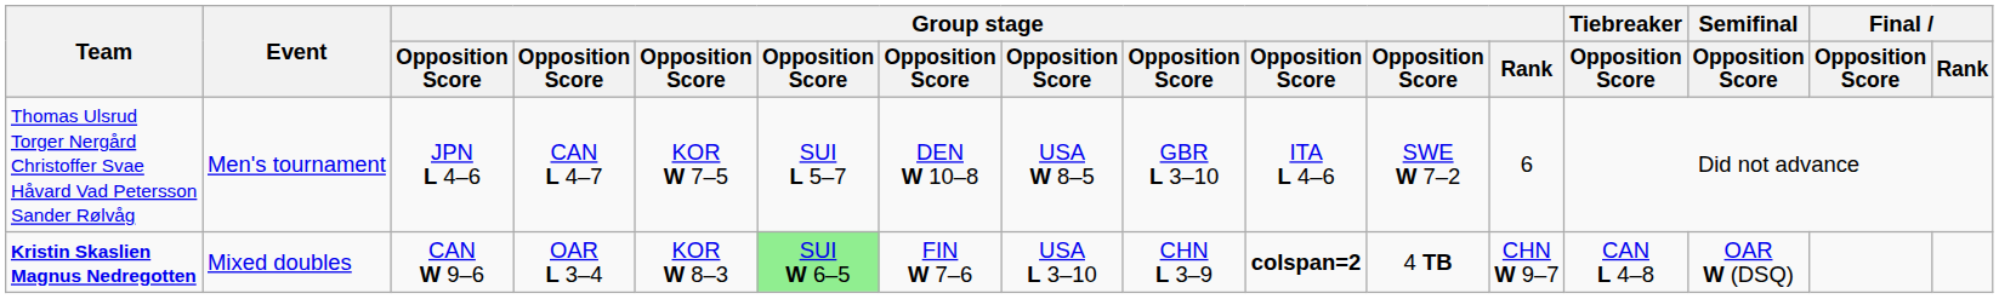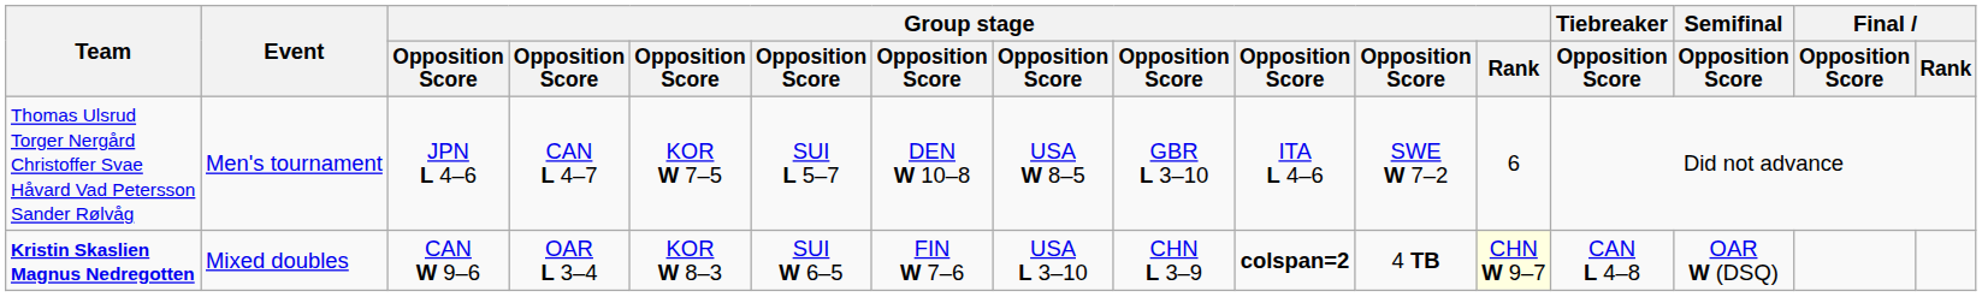 <table class="wikitable" style="font-size:90%">
 <tr>
 <th rowspan=2>Team</th>
 <th rowspan=2>Event</th>
 <th colspan=10>Group stage</th>
 <th>Tiebreaker</th>
 <th>Semifinal</th>
 <th colspan=2>Final / </th>
 </tr>
 <tr style="font-size:95%">
 <th>Opposition<br>Score</th>
 <th>Opposition<br>Score</th>
 <th>Opposition<br>Score</th>
 <th>Opposition<br>Score</th>
 <th>Opposition<br>Score</th>
 <th>Opposition<br>Score</th>
 <th>Opposition<br>Score</th>
 <th>Opposition<br>Score</th>
 <th>Opposition<br>Score</th>
 <th>Rank</th>
 <th>Opposition<br>Score</th>
 <th>Opposition<br>Score</th>
 <th>Opposition<br>Score</th>
 <th>Rank</th>
 </tr>
 <tr align=center>
 <td align=left class=nowrap><small><a href='#'>Thomas Ulsrud</a><br><a href='#'>Torger Nergård</a><br><a href='#'>Christoffer Svae</a><br><a href='#'>Håvard Vad Petersson</a><br><a href='#'>Sander Rølvåg</a></small></td>
 <td align=left><a href='#'>Men's tournament</a></td>
 <td> <a href='#'>JPN</a><br> <strong>L</strong> 4–6</td>
 <td> <a href='#'>CAN</a><br> <strong>L</strong> 4–7</td>
 <td> <a href='#'>KOR</a><br> <strong>W</strong> 7–5</td>
 <td> <a href='#'>SUI</a><br> <strong>L</strong> 5–7</td>
 <td> <a href='#'>DEN</a><br> <strong>W</strong> 10–8</td>
 <td> <a href='#'>USA</a><br> <strong>W</strong> 8–5</td>
 <td> <a href='#'>GBR</a><br> <strong>L</strong> 3–10</td>
 <td> <a href='#'>ITA</a><br> <strong>L</strong> 4–6</td>
 <td> <a href='#'>SWE</a><br> <strong>W</strong> 7–2</td>
 <td>6</td>
 <td colspan=4>Did not advance</td>
 </tr>
 <tr align=center>
 <td align=left class=nowrap><small><strong><a href='#'>Kristin Skaslien</a><br><a href='#'>Magnus Nedregotten</a></strong></small></td>
 <td align=left><a href='#'>Mixed doubles</a></td>
 <td> <a href='#'>CAN</a><br> <strong>W</strong> 9–6</td>
 <td> <a href='#'>OAR</a><br> <strong>L</strong> 3–4</td>
 <td> <a href='#'>KOR</a><br> <strong>W</strong> 8–3</td>
-<td style="background: lightgreen;"> <a href='#'>SUI</a><br> <strong>W</strong> 6–5</td>
+<td> <a href='#'>SUI</a><br> <strong>W</strong> 6–5</td>
 <td> <a href='#'>FIN</a><br> <strong>W</strong> 7–6</td>
 <td> <a href='#'>USA</a><br>  <strong>L</strong> 3–10</td>
 <td> <a href='#'>CHN</a><br> <strong>L</strong> 3–9</td>
 <td><strong>colspan=2 </strong></td>
 <td>4 <strong>TB</strong></td>
-<td> <a href='#'>CHN</a><br> <strong>W</strong> 9–7</td>
+<td style="background: lightyellow;"> <a href='#'>CHN</a><br> <strong>W</strong> 9–7</td>
 <td> <a href='#'>CAN</a><br> <strong>L</strong> 4–8</td>
 <td> <a href='#'>OAR</a><br> <strong>W</strong> (DSQ)</td>
 <td></td>
 </tr>
 </table>
